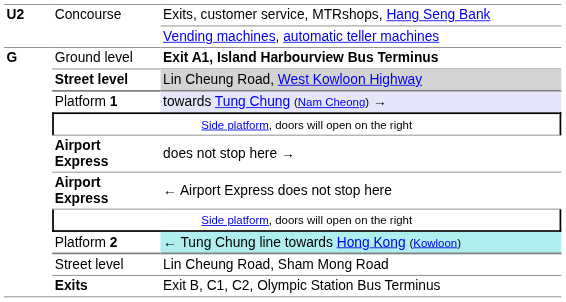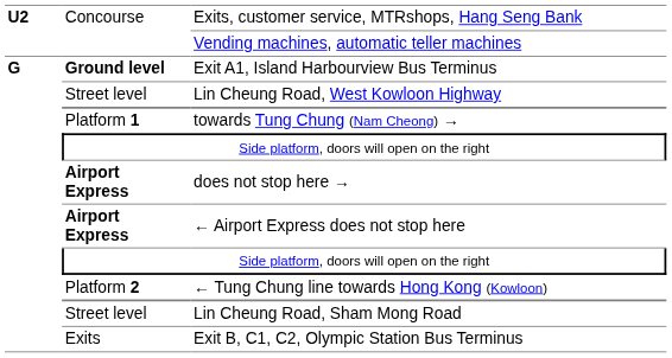 <table border=0 cellspacing=0 cellpadding=3>
 <tr>
 <td style="border-top:solid 1px gray;border-bottom:solid 1px gray;width:50px;vertical-align:top;" rowspan=2><strong>U2</strong></td>
 <td style="border-top:solid 1px gray;border-bottom:solid 1px gray;width:120px;vertical-align:top;" rowspan=2>Concourse</td>
 <td style="border-bottom:solid 1px gray;border-top:solid 1px gray;width:460px;">Exits, customer service, MTRshops, <a href='#'>Hang Seng Bank</a></td>
 </tr>
 <tr>
 <td style="border-bottom:solid 1px gray;"><a href='#'>Vending machines</a>, <a href='#'>automatic teller machines</a></td>
 </tr>
 <tr>
 <td style="border-bottom:solid 1px gray;vertical-align:top;" rowspan=10><strong>G</strong></td>
-<td style="border-bottom:solid 1px gray;vertical-align:top;">Ground level</td>
-<td style="border-bottom:solid 1px gray;vertical-align:top;"><strong>Exit A1, Island Harbourview Bus Terminus</strong></td>
+<td style="border-bottom:solid 1px gray;vertical-align:top;"><strong>Ground level</strong></td>
+<td style="border-bottom:solid 1px gray;vertical-align:top;">Exit A1, Island Harbourview Bus Terminus</td>
 </tr>
 <tr>
-<td style="border-bottom:solid 2px grey;vertical-align:top;"><strong>Street level</strong></td>
-<td style="background: lightgrey; border-bottom:solid 2px grey;vertical-align:top;">Lin Cheung Road, <a href='#'>West Kowloon Highway</a></td>
+<td style="border-bottom:solid 2px grey;vertical-align:top;">Street level</td>
+<td style="border-bottom:solid 2px grey;vertical-align:top;">Lin Cheung Road, <a href='#'>West Kowloon Highway</a></td>
 </tr>
 <tr>
 <td>Platform <span><strong>1</strong></span></td>
-<td style="background: lavender;">  towards <a href='#'>Tung Chung</a> <small>(<a href='#'>Nam Cheong</a>)</small> →</td>
+<td>  towards <a href='#'>Tung Chung</a> <small>(<a href='#'>Nam Cheong</a>)</small> →</td>
 </tr>
 <tr>
 <td style="border-top:solid 2px black;border-right:solid 2px black;border-left:solid 2px black;border-bottom:solid 1px gray;text-align:center;" colspan=2><small><a href='#'>Side platform</a>, doors will open on the right</small></td>
 </tr>
 <tr>
 <td style="border-bottom:solid 1px gray;"><span><strong>Airport Express</strong></span></td>
 <td style="border-bottom:solid 1px gray;">  does not stop here →</td>
 </tr>
 <tr>
 <td style="border-bottom:solid 1px gray;"><span><strong>Airport Express</strong></span></td>
 <td style="border-bottom:solid 1px gray;">←  Airport Express does not stop here</td>
 </tr>
 <tr>
 <td style="border-right:solid 2px black;border-left:solid 2px black;border-bottom:solid 2px black;text-align:center;" colspan=2><small><a href='#'>Side platform</a>, doors will open on the right</small></td>
 </tr>
 <tr>
 <td style="border-bottom:solid 2px grey;">Platform <span><strong>2</strong></span></td>
-<td style="background: paleturquoise; border-bottom:solid 2px grey;">←  Tung Chung line towards <a href='#'>Hong Kong</a> <small>(<a href='#'>Kowloon</a>)</small></td>
+<td style="border-bottom:solid 2px grey;">←  Tung Chung line towards <a href='#'>Hong Kong</a> <small>(<a href='#'>Kowloon</a>)</small></td>
 </tr>
 <tr>
 <td style="border-bottom:solid 1px gray;vertical-align:top;">Street level</td>
 <td style="border-bottom:solid 1px gray;vertical-align:top;">Lin Cheung Road, Sham Mong Road</td>
 </tr>
 <tr>
-<td style="border-bottom:solid 1px gray;vertical-align:top;"><strong>Exits</strong></td>
+<td style="border-bottom:solid 1px gray;vertical-align:top;">Exits</td>
 <td style="border-bottom:solid 1px gray;vertical-align:top;">Exit B, C1, C2, Olympic Station Bus Terminus</td>
 </tr>
 </table>
